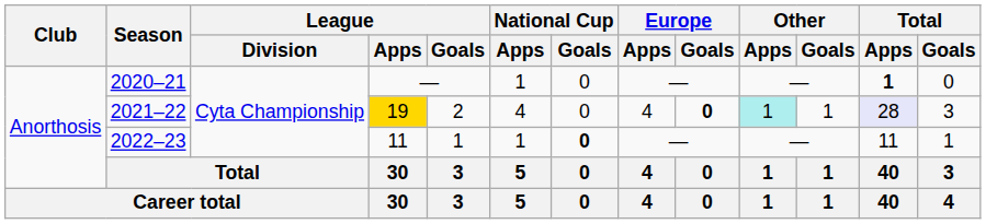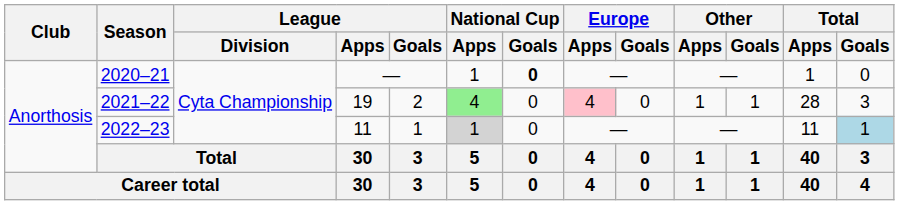 <table class="wikitable" style="font-size:85%; text-align: center">
 <tr>
 <th rowspan=2>Club</th>
 <th rowspan=2>Season</th>
 <th colspan=3>League</th>
 <th colspan=2>National Cup</th>
 <th colspan=2><a href='#'>Europe</a></th>
 <th colspan=2>Other</th>
 <th colspan=2>Total</th>
 </tr>
 <tr>
 <th>Division</th>
 <th>Apps</th>
 <th>Goals</th>
 <th>Apps</th>
 <th>Goals</th>
 <th>Apps</th>
 <th>Goals</th>
 <th>Apps</th>
 <th>Goals</th>
 <th>Apps</th>
 <th>Goals</th>
 </tr>
 <tr>
 <td rowspan="4"><a href='#'>Anorthosis</a></td>
 <td><a href='#'>2020–21</a></td>
 <td rowspan="3"><a href='#'>Cyta Championship</a></td>
 <td colspan="2">—</td>
 <td>1</td>
-<td>0</td>
+<td><strong>0</strong></td>
 <td colspan="2">—</td>
 <td colspan="2">—</td>
-<td><strong>1</strong></td>
+<td>1</td>
 <td>0</td>
 </tr>
 <tr>
 <td><a href='#'>2021–22</a></td>
-<td style="background: gold;">19</td>
+<td>19</td>
 <td>2</td>
-<td>4</td>
+<td style="background: lightgreen;">4</td>
 <td>0</td>
-<td>4</td>
-<td><strong>0</strong></td>
-<td style="background: paleturquoise;">1</td>
+<td style="background: pink;">4</td>
+<td>0</td>
 <td>1</td>
-<td style="background: lavender;">28</td>
+<td>1</td>
+<td>28</td>
 <td>3</td>
 </tr>
 <tr>
 <td><a href='#'>2022–23</a></td>
 <td>11</td>
 <td>1</td>
-<td>1</td>
-<td><strong>0</strong></td>
+<td style="background: lightgrey;">1</td>
+<td>0</td>
 <td colspan="2">—</td>
 <td colspan="2">—</td>
 <td>11</td>
-<td>1</td>
+<td style="background: lightblue;">1</td>
 </tr>
 <tr>
 <th colspan="2">Total</th>
 <th>30</th>
 <th>3</th>
 <th>5</th>
 <th>0</th>
 <th>4</th>
 <th>0</th>
 <th>1</th>
 <th>1</th>
 <th>40</th>
 <th>3</th>
 </tr>
 <tr>
 <th colspan="3">Career total</th>
 <th>30</th>
 <th>3</th>
 <th>5</th>
 <th>0</th>
 <th>4</th>
 <th>0</th>
 <th>1</th>
 <th>1</th>
 <th>40</th>
 <th>4</th>
 </tr>
 </table>
